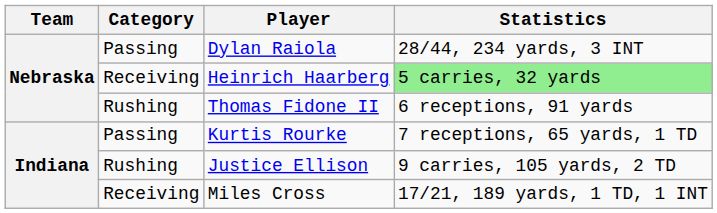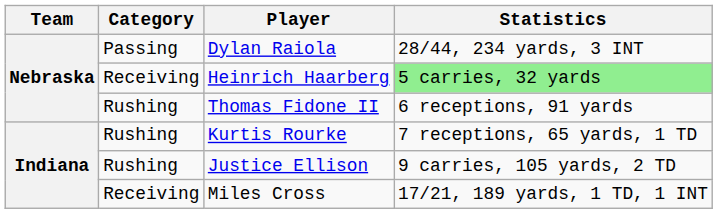 <table class="wikitable" style="float:right">
 <tr>
 <th>Team</th>
 <th>Category</th>
 <th>Player</th>
 <th>Statistics</th>
 </tr>
 <tr>
 <th rowspan=3>Nebraska</th>
 <td>Passing</td>
 <td><a href='#'>Dylan Raiola</a></td>
 <td>28/44, 234 yards, 3 INT</td>
 </tr>
 <tr>
 <td>Receiving</td>
 <td><a href='#'>Heinrich Haarberg</a></td>
 <td style="background: lightgreen;">5 carries, 32 yards</td>
 </tr>
 <tr>
 <td>Rushing</td>
 <td><a href='#'>Thomas Fidone II</a></td>
 <td>6 receptions, 91 yards</td>
 </tr>
 <tr>
 <th rowspan=3>Indiana</th>
-<td>Passing</td>
+<td>Rushing</td>
 <td><a href='#'>Kurtis Rourke</a></td>
 <td>7 receptions, 65 yards, 1 TD</td>
 </tr>
 <tr>
 <td>Rushing</td>
 <td><a href='#'>Justice Ellison</a></td>
 <td>9 carries, 105 yards, 2 TD</td>
 </tr>
 <tr>
 <td>Receiving</td>
 <td>Miles Cross</td>
 <td>17/21, 189 yards, 1 TD, 1 INT</td>
 </tr>
 </table>
